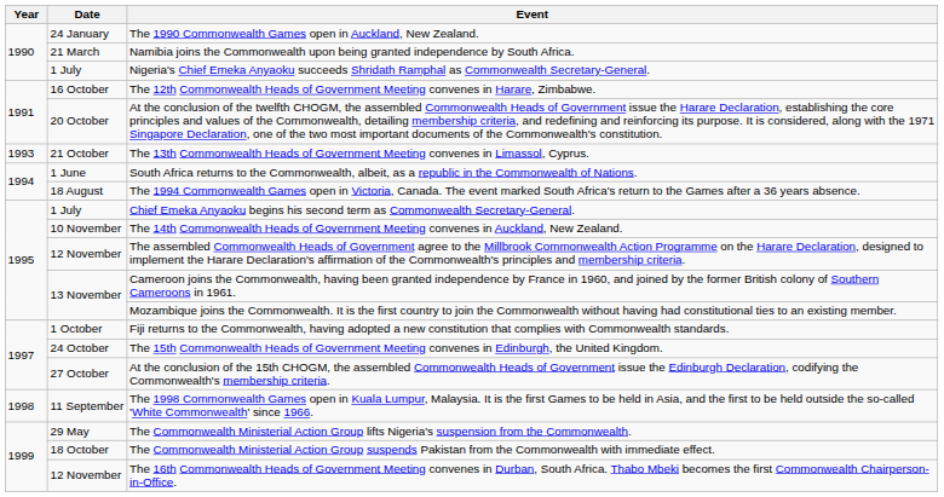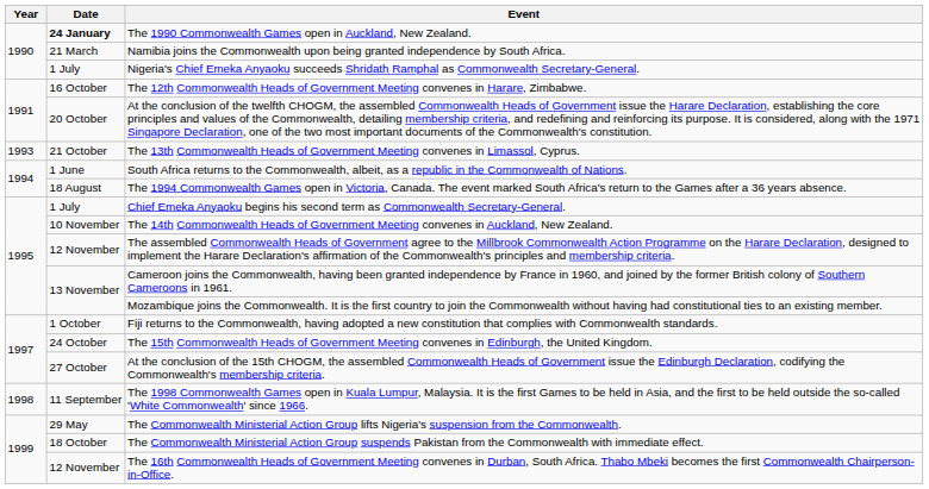 <table class="wikitable" width="100%">
 <tr>
 <th width=50px>Year</th>
 <th width=100px>Date</th>
 <th>Event</th>
 </tr>
 <tr>
 <td rowspan=3>1990</td>
-<td>24 January</td>
+<td><strong>24 January</strong></td>
 <td>The <a href='#'>1990 Commonwealth Games</a> open in <a href='#'>Auckland</a>, New Zealand.</td>
 </tr>
 <tr>
 <td>21 March</td>
 <td>Namibia joins the Commonwealth upon being granted independence by South Africa.</td>
 </tr>
 <tr>
 <td>1 July</td>
 <td>Nigeria's <a href='#'>Chief Emeka Anyaoku</a> succeeds <a href='#'>Shridath Ramphal</a> as <a href='#'>Commonwealth Secretary-General</a>.</td>
 </tr>
 <tr>
 <td rowspan=2>1991</td>
 <td>16 October</td>
 <td>The <a href='#'>12th</a> <a href='#'>Commonwealth Heads of Government Meeting</a> convenes in <a href='#'>Harare</a>, Zimbabwe.</td>
 </tr>
 <tr>
 <td>20 October</td>
 <td>At the conclusion of the twelfth CHOGM, the assembled <a href='#'>Commonwealth Heads of Government</a> issue the <a href='#'>Harare Declaration</a>, establishing the core principles and values of the Commonwealth, detailing <a href='#'>membership criteria</a>, and redefining and reinforcing its purpose. It is considered, along with the 1971 <a href='#'>Singapore Declaration</a>, one of the two most important documents of the Commonwealth's constitution.</td>
 </tr>
 <tr>
 <td>1993</td>
 <td>21 October</td>
 <td>The <a href='#'>13th</a> <a href='#'>Commonwealth Heads of Government Meeting</a> convenes in <a href='#'>Limassol</a>, Cyprus.</td>
 </tr>
 <tr>
 <td rowspan="2">1994</td>
 <td>1 June</td>
 <td>South Africa returns to the Commonwealth, albeit, as a <a href='#'>republic in the Commonwealth of Nations</a>.</td>
 </tr>
 <tr>
 <td>18 August</td>
 <td>The <a href='#'>1994 Commonwealth Games</a> open in <a href='#'>Victoria</a>, Canada. The event marked South Africa's return to the Games after a 36 years absence.</td>
 </tr>
 <tr>
 <td rowspan=5>1995</td>
 <td>1 July</td>
 <td><a href='#'>Chief Emeka Anyaoku</a> begins his second term as <a href='#'>Commonwealth Secretary-General</a>.</td>
 </tr>
 <tr>
 <td>10 November</td>
 <td>The <a href='#'>14th</a> <a href='#'>Commonwealth Heads of Government Meeting</a> convenes in <a href='#'>Auckland</a>, New Zealand.</td>
 </tr>
 <tr>
 <td>12 November</td>
 <td>The assembled <a href='#'>Commonwealth Heads of Government</a> agree to the <a href='#'>Millbrook Commonwealth Action Programme</a> on the <a href='#'>Harare Declaration</a>, designed to implement the Harare Declaration's affirmation of the Commonwealth's principles and <a href='#'>membership criteria</a>.</td>
 </tr>
 <tr>
 <td rowspan=2>13 November</td>
 <td>Cameroon joins the Commonwealth, having been granted independence by France in 1960, and joined by the former British colony of <a href='#'>Southern Cameroons</a> in 1961.</td>
 </tr>
 <tr>
 <td>Mozambique joins the Commonwealth. It is the first country to join the Commonwealth without having had constitutional ties to an existing member.</td>
 </tr>
 <tr>
 <td rowspan=3>1997</td>
 <td>1 October</td>
 <td>Fiji returns to the Commonwealth, having adopted a new constitution that complies with Commonwealth standards.</td>
 </tr>
 <tr>
 <td>24 October</td>
 <td>The <a href='#'>15th</a> <a href='#'>Commonwealth Heads of Government Meeting</a> convenes in <a href='#'>Edinburgh</a>, the United Kingdom.</td>
 </tr>
 <tr>
 <td>27 October</td>
 <td>At the conclusion of the 15th CHOGM, the assembled <a href='#'>Commonwealth Heads of Government</a> issue the <a href='#'>Edinburgh Declaration</a>, codifying the Commonwealth's <a href='#'>membership criteria</a>.</td>
 </tr>
 <tr>
 <td>1998</td>
 <td>11 September</td>
 <td>The <a href='#'>1998 Commonwealth Games</a> open in <a href='#'>Kuala Lumpur</a>, Malaysia. It is the first Games to be held in Asia, and the first to be held outside the so-called '<a href='#'>White Commonwealth</a>' since <a href='#'>1966</a>.</td>
 </tr>
 <tr>
 <td rowspan=3>1999</td>
 <td>29 May</td>
 <td>The <a href='#'>Commonwealth Ministerial Action Group</a> lifts Nigeria's <a href='#'>suspension from the Commonwealth</a>.</td>
 </tr>
 <tr>
 <td>18 October</td>
 <td>The <a href='#'>Commonwealth Ministerial Action Group</a> <a href='#'>suspends</a> Pakistan from the Commonwealth with immediate effect.</td>
 </tr>
 <tr>
 <td>12 November</td>
 <td>The <a href='#'>16th</a> <a href='#'>Commonwealth Heads of Government Meeting</a> convenes in <a href='#'>Durban</a>, South Africa. <a href='#'>Thabo Mbeki</a> becomes the first <a href='#'>Commonwealth Chairperson-in-Office</a>.</td>
 </tr>
 </table>
